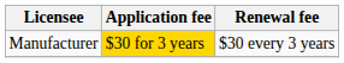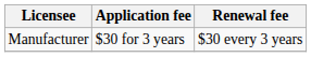 <table class="wikitable">
 <tr>
 <th>Licensee</th>
 <th>Application fee</th>
 <th>Renewal fee</th>
 </tr>
 <tr>
 <td>Manufacturer</td>
-<td style="background: gold;">$30 for 3 years</td>
+<td>$30 for 3 years</td>
 <td>$30 every 3 years</td>
 </tr>
 <tr>
 </tr>
 </table>
